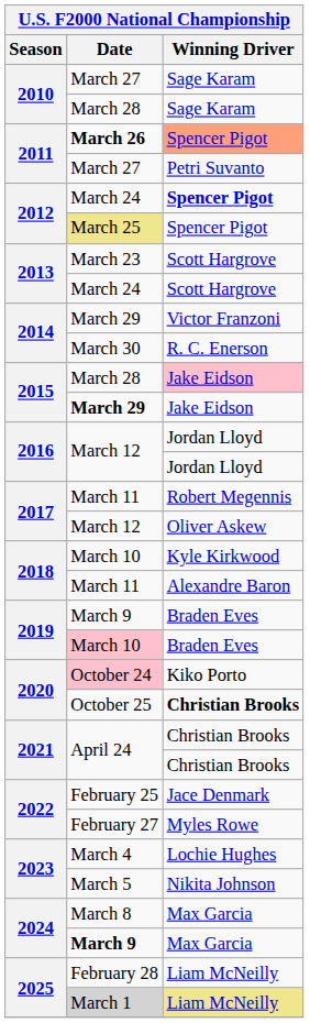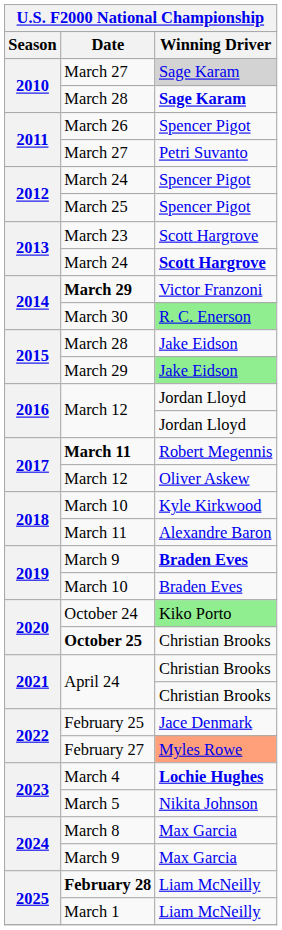 <table class="wikitable" style="font-size: 95%;">
 <tr>
 <th colspan="3"><a href='#'>U.S. F2000 National Championship</a></th>
 </tr>
 <tr>
 <th>Season</th>
 <th>Date</th>
 <th>Winning Driver</th>
 </tr>
 <tr>
 <th rowspan=2><a href='#'>2010</a></th>
 <td>March 27</td>
-<td> <a href='#'>Sage Karam</a></td>
+<td style="background: lightgrey;"> <a href='#'>Sage Karam</a></td>
 </tr>
 <tr>
 <td>March 28</td>
-<td> <a href='#'>Sage Karam</a></td>
+<td><strong> <a href='#'>Sage Karam</a></strong></td>
 </tr>
 <tr>
 <th rowspan=2><a href='#'>2011</a></th>
-<td><strong>March 26</strong></td>
-<td style="background: lightsalmon;"> <a href='#'>Spencer Pigot</a></td>
+<td>March 26</td>
+<td> <a href='#'>Spencer Pigot</a></td>
 </tr>
 <tr>
 <td>March 27</td>
 <td> <a href='#'>Petri Suvanto</a></td>
 </tr>
 <tr>
 <th rowspan=2><a href='#'>2012</a></th>
 <td>March 24</td>
-<td><strong> <a href='#'>Spencer Pigot</a></strong></td>
+<td> <a href='#'>Spencer Pigot</a></td>
 </tr>
 <tr>
-<td style="background: khaki;">March 25</td>
+<td>March 25</td>
 <td> <a href='#'>Spencer Pigot</a></td>
 </tr>
 <tr>
 <th rowspan=2><a href='#'>2013</a></th>
 <td>March 23</td>
 <td> <a href='#'>Scott Hargrove</a></td>
 </tr>
 <tr>
 <td>March 24</td>
-<td> <a href='#'>Scott Hargrove</a></td>
+<td><strong> <a href='#'>Scott Hargrove</a></strong></td>
 </tr>
 <tr>
 <th rowspan=2><a href='#'>2014</a></th>
-<td>March 29</td>
+<td><strong>March 29</strong></td>
 <td> <a href='#'>Victor Franzoni</a></td>
 </tr>
 <tr>
 <td>March 30</td>
-<td> <a href='#'>R. C. Enerson</a></td>
+<td style="background: lightgreen;"> <a href='#'>R. C. Enerson</a></td>
 </tr>
 <tr>
 <th rowspan=2><a href='#'>2015</a></th>
 <td>March 28</td>
-<td style="background: pink;"> <a href='#'>Jake Eidson</a></td>
+<td> <a href='#'>Jake Eidson</a></td>
 </tr>
 <tr>
-<td><strong>March 29</strong></td>
-<td> <a href='#'>Jake Eidson</a></td>
+<td>March 29</td>
+<td style="background: lightgreen;"> <a href='#'>Jake Eidson</a></td>
 </tr>
 <tr>
 <th rowspan=2><a href='#'>2016</a></th>
 <td rowspan=2>March 12</td>
 <td> Jordan Lloyd</td>
 </tr>
 <tr>
 <td> Jordan Lloyd</td>
 </tr>
 <tr>
 <th rowspan=2><a href='#'>2017</a></th>
-<td>March 11</td>
+<td><strong>March 11</strong></td>
 <td> <a href='#'>Robert Megennis</a></td>
 </tr>
 <tr>
 <td>March 12</td>
 <td> <a href='#'>Oliver Askew</a></td>
 </tr>
 <tr>
 <th rowspan=2><a href='#'>2018</a></th>
 <td>March 10</td>
 <td> <a href='#'>Kyle Kirkwood</a></td>
 </tr>
 <tr>
 <td>March 11</td>
 <td> <a href='#'>Alexandre Baron</a></td>
 </tr>
 <tr>
 <th rowspan=2><a href='#'>2019</a></th>
 <td>March 9</td>
-<td> <a href='#'>Braden Eves</a></td>
+<td><strong> <a href='#'>Braden Eves</a></strong></td>
 </tr>
 <tr>
-<td style="background: pink;">March 10</td>
+<td>March 10</td>
 <td> <a href='#'>Braden Eves</a></td>
 </tr>
 <tr>
 <th rowspan=2><a href='#'>2020</a></th>
-<td style="background: pink;">October 24</td>
-<td> Kiko Porto</td>
+<td>October 24</td>
+<td style="background: lightgreen;"> Kiko Porto</td>
 </tr>
 <tr>
-<td>October 25</td>
-<td><strong> Christian Brooks</strong></td>
+<td><strong>October 25</strong></td>
+<td> Christian Brooks</td>
 </tr>
 <tr>
 <th rowspan=2><a href='#'>2021</a></th>
 <td rowspan=2>April 24</td>
 <td> Christian Brooks</td>
 </tr>
 <tr>
 <td> Christian Brooks</td>
 </tr>
 <tr>
 <th rowspan=2><a href='#'>2022</a></th>
 <td>February 25</td>
 <td> <a href='#'>Jace Denmark</a></td>
 </tr>
 <tr>
 <td>February 27</td>
-<td> <a href='#'>Myles Rowe</a></td>
+<td style="background: lightsalmon;"> <a href='#'>Myles Rowe</a></td>
 </tr>
 <tr>
 <th rowspan="2"><a href='#'>2023</a></th>
 <td>March 4</td>
-<td> <a href='#'>Lochie Hughes</a></td>
+<td><strong> <a href='#'>Lochie Hughes</a></strong></td>
 </tr>
 <tr>
 <td>March 5</td>
 <td> <a href='#'>Nikita Johnson</a></td>
 </tr>
 <tr>
 <th rowspan="2"><a href='#'>2024</a></th>
 <td>March 8</td>
 <td> <a href='#'>Max Garcia</a></td>
 </tr>
 <tr>
-<td><strong>March 9</strong></td>
+<td>March 9</td>
 <td> <a href='#'>Max Garcia</a></td>
 </tr>
 <tr>
 <th rowspan="2"><a href='#'>2025</a></th>
-<td>February 28</td>
+<td><strong>February 28</strong></td>
 <td> <a href='#'>Liam McNeilly</a></td>
 </tr>
 <tr>
-<td style="background: lightgrey;">March 1</td>
-<td style="background: khaki;"> <a href='#'>Liam McNeilly</a></td>
+<td>March 1</td>
+<td> <a href='#'>Liam McNeilly</a></td>
 </tr>
 <tr>
 </tr>
 </table>
